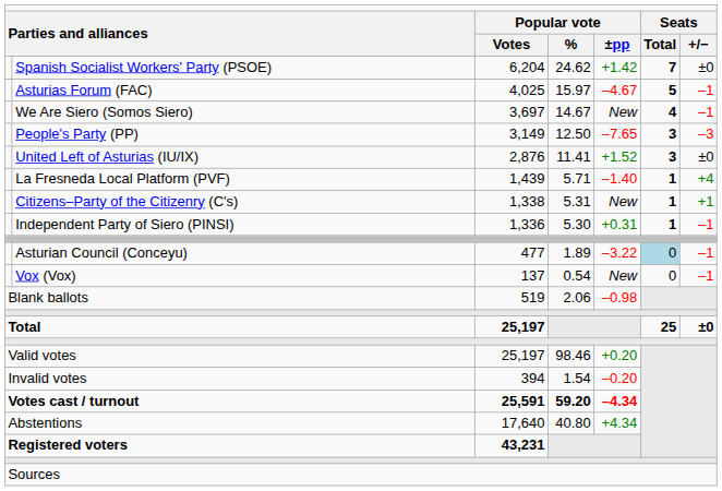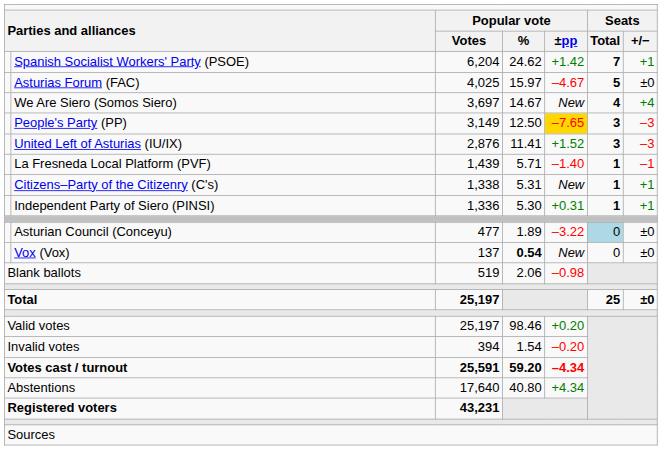 <table class="wikitable" style="text-align:right;">
 <tr>
 <td colspan="7"></td>
 </tr>
 <tr>
 <th style="text-align:left;" rowspan="2" colspan="2" width="525">Parties and alliances</th>
 <th colspan="3">Popular vote</th>
 <th colspan="2">Seats</th>
 </tr>
 <tr>
 <th width="75">Votes</th>
 <th width="45">%</th>
 <th width="45">±<a href='#'>pp</a></th>
 <th width="35">Total</th>
 <th width="35">+/−</th>
 </tr>
 <tr>
 <td width="1" style="color:inherit;background:"></td>
 <td align="left"><a href='#'>Spanish Socialist Workers' Party</a> (PSOE)</td>
 <td>6,204</td>
 <td>24.62</td>
 <td style="color:green;">+1.42</td>
 <td><strong>7</strong></td>
-<td>±0</td>
+<td style="color:green;">+1</td>
 </tr>
 <tr>
 <td style="color:inherit;background:"></td>
 <td align="left"><a href='#'>Asturias Forum</a> (FAC)</td>
 <td>4,025</td>
 <td>15.97</td>
 <td style="color:red;">–4.67</td>
 <td><strong>5</strong></td>
-<td style="color:red;">–1</td>
+<td>±0</td>
 </tr>
 <tr>
 <td style="color:inherit;background:"></td>
 <td align="left">We Are Siero (Somos Siero)</td>
 <td>3,697</td>
 <td>14.67</td>
 <td><em>New</em></td>
 <td><strong>4</strong></td>
-<td style="color:red;">–1</td>
+<td style="color:green;">+4</td>
 </tr>
 <tr>
 <td style="color:inherit;background:"></td>
 <td align="left"><a href='#'>People's Party</a> (PP)</td>
 <td>3,149</td>
 <td>12.50</td>
-<td style="color:red;">–7.65</td>
+<td style="background: gold; color:red;">–7.65</td>
 <td><strong>3</strong></td>
 <td style="color:red;">–3</td>
 </tr>
 <tr>
 <td style="color:inherit;background:"></td>
 <td align="left"><a href='#'>United Left of Asturias</a> (IU/IX)</td>
 <td>2,876</td>
 <td>11.41</td>
 <td style="color:green;">+1.52</td>
 <td><strong>3</strong></td>
-<td>±0</td>
+<td style="color:red;">–3</td>
 </tr>
 <tr>
 <td style="color:inherit;background:"></td>
 <td align="left">La Fresneda Local Platform (PVF)</td>
 <td>1,439</td>
 <td>5.71</td>
 <td style="color:red;">–1.40</td>
 <td><strong>1</strong></td>
-<td style="color:green;">+4</td>
+<td style="color:red;">–1</td>
 </tr>
 <tr>
 <td style="color:inherit;background:"></td>
 <td align="left"><a href='#'>Citizens–Party of the Citizenry</a> (C's)</td>
 <td>1,338</td>
 <td>5.31</td>
 <td><em>New</em></td>
 <td><strong>1</strong></td>
 <td style="color:green;">+1</td>
 </tr>
 <tr>
 <td style="color:inherit;background:"></td>
 <td align="left">Independent Party of Siero (PINSI)</td>
 <td>1,336</td>
 <td>5.30</td>
 <td style="color:green;">+0.31</td>
 <td><strong>1</strong></td>
-<td style="color:red;">–1</td>
+<td style="color:green;">+1</td>
 </tr>
 <tr>
 <td colspan="7" bgcolor="#C0C0C0"></td>
 </tr>
 <tr>
 <td style="color:inherit;background:"></td>
 <td align="left">Asturian Council (Conceyu)</td>
 <td>477</td>
 <td>1.89</td>
 <td style="color:red;">–3.22</td>
 <td style="background: lightblue;">0</td>
-<td style="color:red;">–1</td>
+<td>±0</td>
 </tr>
 <tr>
 <td style="color:inherit;background:"></td>
 <td align="left"><a href='#'>Vox</a> (Vox)</td>
 <td>137</td>
-<td>0.54</td>
+<td><strong>0.54</strong></td>
 <td><em>New</em></td>
 <td>0</td>
-<td style="color:red;">–1</td>
+<td>±0</td>
 </tr>
 <tr>
 <td align="left" colspan="2">Blank ballots</td>
 <td>519</td>
 <td>2.06</td>
 <td style="color:red;">–0.98</td>
 <td bgcolor="#E9E9E9" colspan="2"></td>
 </tr>
 <tr>
 <td colspan="7" bgcolor="#E9E9E9"></td>
 </tr>
 <tr style="font-weight:bold;">
 <td align="left" colspan="2">Total</td>
 <td>25,197</td>
 <td bgcolor="#E9E9E9" colspan="2"></td>
 <td>25</td>
 <td>±0</td>
 </tr>
 <tr>
 <td colspan="7" bgcolor="#E9E9E9"></td>
 </tr>
 <tr>
 <td align="left" colspan="2">Valid votes</td>
 <td>25,197</td>
 <td>98.46</td>
 <td style="color:green;">+0.20</td>
 <td bgcolor="#E9E9E9" colspan="2" rowspan="5"></td>
 </tr>
 <tr>
 <td align="left" colspan="2">Invalid votes</td>
 <td>394</td>
 <td>1.54</td>
 <td style="color:red;">–0.20</td>
 </tr>
 <tr style="font-weight:bold;">
 <td align="left" colspan="2">Votes cast / turnout</td>
 <td>25,591</td>
 <td>59.20</td>
 <td style="color:red;">–4.34</td>
 </tr>
 <tr>
 <td align="left" colspan="2">Abstentions</td>
 <td>17,640</td>
 <td>40.80</td>
 <td style="color:green;">+4.34</td>
 </tr>
 <tr style="font-weight:bold;">
 <td align="left" colspan="2">Registered voters</td>
 <td>43,231</td>
 <td bgcolor="#E9E9E9" colspan="2"></td>
 </tr>
 <tr>
 <td colspan="7" bgcolor="#E9E9E9"></td>
 </tr>
 <tr>
 <td align="left" colspan="7">Sources</td>
 </tr>
 </table>
